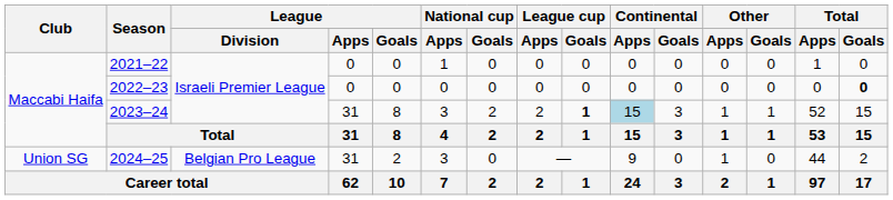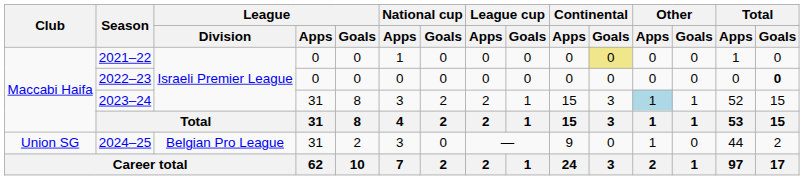 <table class="wikitable" style="text-align: center">
 <tr>
 <th rowspan="2">Club</th>
 <th rowspan="2">Season</th>
 <th colspan="3">League</th>
 <th colspan="2">National cup</th>
 <th colspan="2">League cup</th>
 <th colspan="2">Continental</th>
 <th colspan="2">Other</th>
 <th colspan="2">Total</th>
 </tr>
 <tr>
 <th>Division</th>
 <th>Apps</th>
 <th>Goals</th>
 <th>Apps</th>
 <th>Goals</th>
 <th>Apps</th>
 <th>Goals</th>
 <th>Apps</th>
 <th>Goals</th>
 <th>Apps</th>
 <th>Goals</th>
 <th>Apps</th>
 <th>Goals</th>
 </tr>
 <tr>
 <td rowspan="4"><a href='#'>Maccabi Haifa</a></td>
 <td><a href='#'>2021–22</a></td>
 <td rowspan="3"><a href='#'>Israeli Premier League</a></td>
 <td>0</td>
 <td>0</td>
 <td>1</td>
 <td>0</td>
 <td>0</td>
 <td>0</td>
 <td>0</td>
-<td>0</td>
+<td style="background: khaki;">0</td>
 <td>0</td>
 <td>0</td>
 <td>1</td>
 <td>0</td>
 </tr>
 <tr>
 <td><a href='#'>2022–23</a></td>
 <td>0</td>
 <td>0</td>
 <td>0</td>
 <td>0</td>
 <td>0</td>
 <td>0</td>
 <td>0</td>
 <td>0</td>
 <td>0</td>
 <td>0</td>
 <td>0</td>
 <td><strong>0</strong></td>
 </tr>
 <tr>
 <td><a href='#'>2023–24</a></td>
 <td>31</td>
 <td>8</td>
 <td>3</td>
 <td>2</td>
 <td>2</td>
-<td><strong>1</strong></td>
-<td style="background: lightblue;">15</td>
+<td>1</td>
+<td>15</td>
 <td>3</td>
-<td>1</td>
+<td style="background: lightblue;">1</td>
 <td>1</td>
 <td>52</td>
 <td>15</td>
 </tr>
 <tr>
 <th colspan="2">Total</th>
 <th>31</th>
 <th>8</th>
 <th>4</th>
 <th>2</th>
 <th>2</th>
 <th>1</th>
 <th>15</th>
 <th>3</th>
 <th>1</th>
 <th>1</th>
 <th>53</th>
 <th>15</th>
 </tr>
 <tr>
 <td><a href='#'>Union SG</a></td>
 <td><a href='#'>2024–25</a></td>
 <td><a href='#'>Belgian Pro League</a></td>
 <td>31</td>
 <td>2</td>
 <td>3</td>
 <td>0</td>
 <td colspan="2">—</td>
 <td>9</td>
 <td>0</td>
 <td>1</td>
 <td>0</td>
 <td>44</td>
 <td>2</td>
 </tr>
 <tr>
 <th colspan="3">Career total</th>
 <th>62</th>
 <th>10</th>
 <th>7</th>
 <th>2</th>
 <th>2</th>
 <th>1</th>
 <th>24</th>
 <th>3</th>
 <th>2</th>
 <th>1</th>
 <th>97</th>
 <th>17</th>
 </tr>
 </table>
